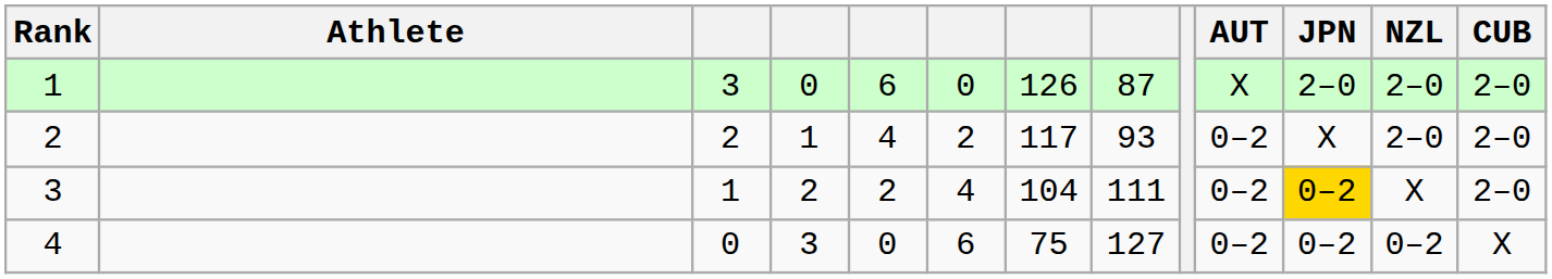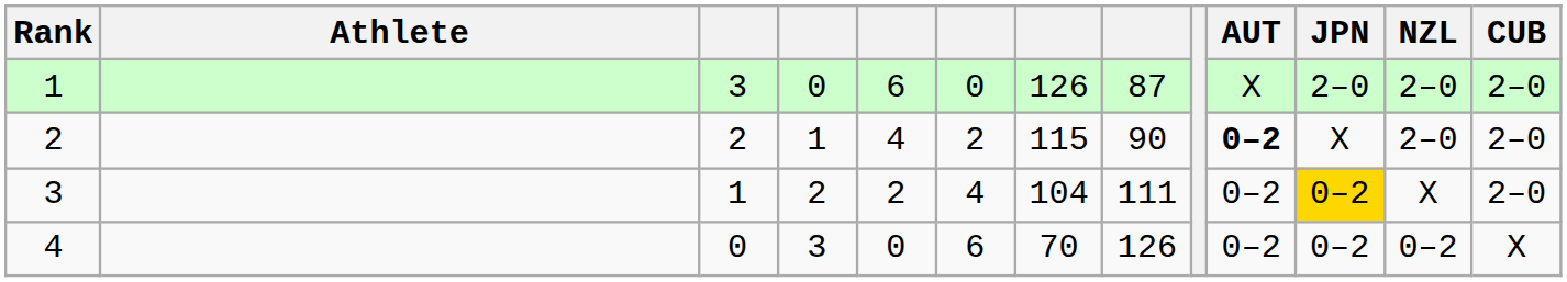 <table class="wikitable" style="text-align:center">
 <tr>
 <th>Rank</th>
 <th width=280>Athlete</th>
 <th width=30></th>
 <th width=30></th>
 <th width=30></th>
 <th width=30></th>
 <th width=30></th>
 <th width=30></th>
 <th rowspan=5></th>
 <th width=30>AUT</th>
 <th width=30>JPN</th>
 <th width=30>NZL</th>
 <th width=30>CUB</th>
 </tr>
 <tr style="background-color:#ccffcc;">
 <td>1</td>
 <td align=left></td>
 <td>3</td>
 <td>0</td>
 <td>6</td>
 <td>0</td>
 <td>126</td>
 <td>87</td>
 <td>X</td>
 <td>2–0</td>
 <td>2–0</td>
 <td>2–0</td>
 </tr>
 <tr>
 <td>2</td>
 <td align=left></td>
 <td>2</td>
 <td>1</td>
 <td>4</td>
 <td>2</td>
-<td>117</td>
-<td>93</td>
-<td>0–2</td>
+<td>115</td>
+<td>90</td>
+<td><strong>0–2</strong></td>
 <td>X</td>
 <td>2–0</td>
 <td>2–0</td>
 </tr>
 <tr>
 <td>3</td>
 <td align=left></td>
 <td>1</td>
 <td>2</td>
 <td>2</td>
 <td>4</td>
 <td>104</td>
 <td>111</td>
 <td>0–2</td>
 <td style="background: gold;">0–2</td>
 <td>X</td>
 <td>2–0</td>
 </tr>
 <tr>
 <td>4</td>
 <td align=left></td>
 <td>0</td>
 <td>3</td>
 <td>0</td>
 <td>6</td>
-<td>75</td>
-<td>127</td>
+<td>70</td>
+<td>126</td>
 <td>0–2</td>
 <td>0–2</td>
 <td>0–2</td>
 <td>X</td>
 </tr>
 </table>
